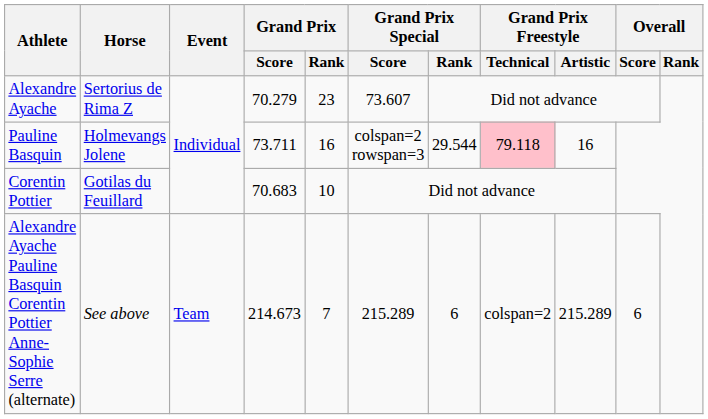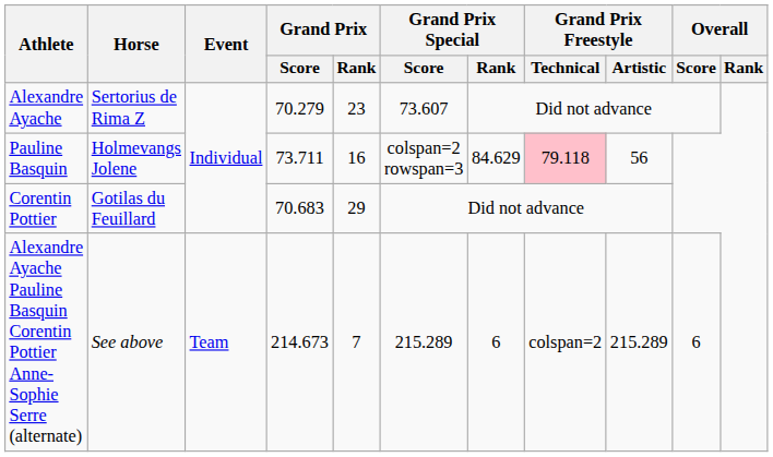 <table class=wikitable style="font-size:90%; text-align:center;">
 <tr>
 <th rowspan=2>Athlete</th>
 <th rowspan=2>Horse</th>
 <th rowspan=2>Event</th>
 <th colspan=2>Grand Prix</th>
 <th colspan=2>Grand Prix Special</th>
 <th colspan=2>Grand Prix Freestyle</th>
 <th colspan=2>Overall</th>
 </tr>
 <tr style=font-size:95%>
 <th>Score</th>
 <th>Rank</th>
 <th>Score</th>
 <th>Rank</th>
 <th>Technical</th>
 <th>Artistic</th>
 <th>Score</th>
 <th>Rank</th>
 </tr>
 <tr>
 <td align=left><a href='#'>Alexandre Ayache</a></td>
 <td align=left><a href='#'>Sertorius de Rima Z</a></td>
 <td rowspan=3 align=left><a href='#'>Individual</a></td>
 <td>70.279</td>
 <td>23</td>
 <td>73.607</td>
 <td colspan="4">Did not advance</td>
 </tr>
 <tr>
 <td align=left><a href='#'>Pauline Basquin</a></td>
 <td align=left><a href='#'>Holmevangs Jolene</a></td>
 <td>73.711</td>
 <td>16</td>
 <td>colspan=2 rowspan=3 </td>
-<td>29.544</td>
+<td>84.629</td>
 <td style="background: pink;">79.118</td>
-<td>16</td>
+<td>56</td>
 </tr>
 <tr>
 <td align=left><a href='#'>Corentin Pottier</a></td>
 <td align=left><a href='#'>Gotilas du Feuillard</a></td>
 <td>70.683</td>
-<td>10</td>
+<td>29</td>
 <td colspan="4">Did not advance</td>
 </tr>
 <tr>
 <td align=left><a href='#'>Alexandre Ayache</a><br><a href='#'>Pauline Basquin</a><br><a href='#'>Corentin Pottier</a><br><a href='#'>Anne-Sophie Serre</a> (alternate)</td>
 <td align=left><em>See above</em></td>
 <td align=left><a href='#'>Team</a></td>
 <td>214.673</td>
 <td>7</td>
 <td>215.289</td>
 <td>6</td>
 <td>colspan=2 </td>
 <td>215.289</td>
 <td>6</td>
 </tr>
 </table>
